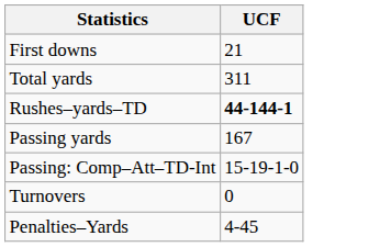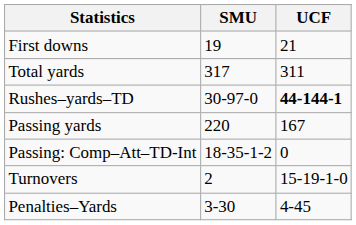 <table class="wikitable">
 <tr>
 <th>Statistics</th>
+<th>SMU</th>
 <th>UCF</th>
 </tr>
 <tr>
 <td>First downs</td>
+<td>19</td>
 <td>21</td>
 </tr>
 <tr>
 <td>Total yards</td>
+<td>317</td>
 <td>311</td>
 </tr>
 <tr>
 <td>Rushes–yards–TD</td>
+<td>30-97-0</td>
 <td><strong>44-144-1</strong></td>
 </tr>
 <tr>
 <td>Passing yards</td>
+<td>220</td>
 <td>167</td>
 </tr>
 <tr>
 <td>Passing: Comp–Att–TD-Int</td>
+<td>18-35-1-2</td>
+<td>0</td>
+</tr>
+<tr>
+<td>Turnovers</td>
+<td>2</td>
 <td>15-19-1-0</td>
 </tr>
 <tr>
-<td>Turnovers</td>
-<td>0</td>
-</tr>
-<tr>
 <td>Penalties–Yards</td>
+<td>3-30</td>
 <td>4-45</td>
 </tr>
 </table>
